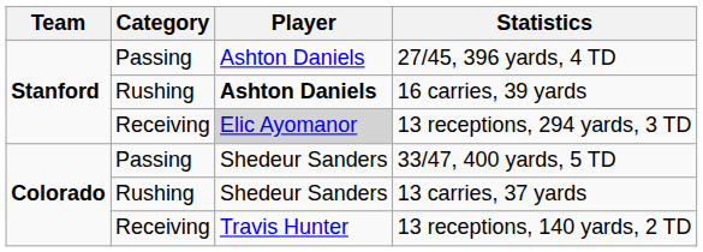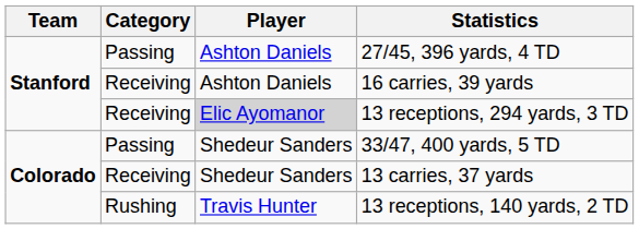 <table class="wikitable" style="float: right;">
 <tr>
 <th>Team</th>
 <th>Category</th>
 <th>Player</th>
 <th>Statistics</th>
 </tr>
 <tr>
 <td rowspan=3><strong>Stanford</strong></td>
 <td>Passing</td>
 <td><a href='#'>Ashton Daniels</a></td>
 <td>27/45, 396 yards, 4 TD</td>
 </tr>
 <tr>
-<td>Rushing</td>
-<td><strong>Ashton Daniels</strong></td>
+<td>Receiving</td>
+<td>Ashton Daniels</td>
 <td>16 carries, 39 yards</td>
 </tr>
 <tr>
 <td>Receiving</td>
 <td style="background: lightgrey;"><a href='#'>Elic Ayomanor</a></td>
 <td>13 receptions, 294 yards, 3 TD</td>
 </tr>
 <tr>
 <td rowspan=3><strong>Colorado</strong></td>
 <td>Passing</td>
 <td>Shedeur Sanders</td>
 <td>33/47, 400 yards, 5 TD</td>
 </tr>
 <tr>
-<td>Rushing</td>
+<td>Receiving</td>
 <td>Shedeur Sanders</td>
 <td>13 carries, 37 yards</td>
 </tr>
 <tr>
-<td>Receiving</td>
+<td>Rushing</td>
 <td><a href='#'>Travis Hunter</a></td>
 <td>13 receptions, 140 yards, 2 TD</td>
 </tr>
 </table>
